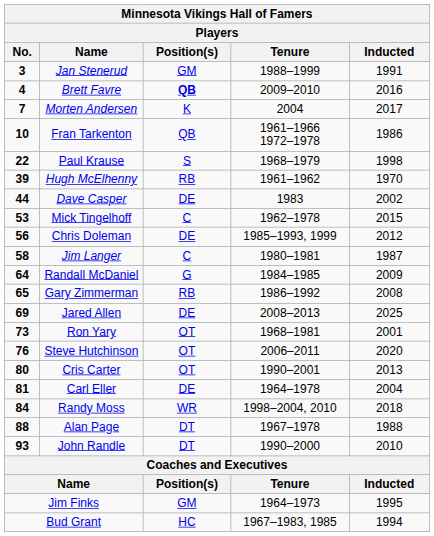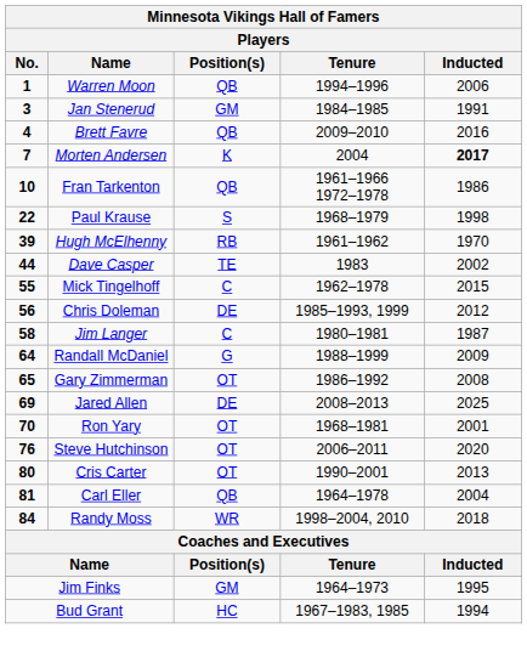 <table class="wikitable" style="text-align:center">
 <tr>
 <th colspan="5">Minnesota Vikings Hall of Famers</th>
 </tr>
 <tr>
 <th colspan="5">Players</th>
 </tr>
 <tr>
 <th style="width:40px">No.</th>
 <th style="width:130px">Name</th>
 <th style="width:110px">Position(s)</th>
 <th style="width:150px">Tenure</th>
 <th style="width:100px">Inducted</th>
 </tr>
 <tr>
+<td><strong>1</strong></td>
+<td><em><a href='#'>Warren Moon</a></em></td>
+<td><a href='#'>QB</a></td>
+<td>1994–1996</td>
+<td>2006</td>
+</tr>
+<tr>
 <td><strong>3</strong></td>
 <td><em><a href='#'>Jan Stenerud</a></em></td>
 <td><a href='#'>GM</a></td>
-<td>1988–1999</td>
+<td>1984–1985</td>
 <td>1991</td>
 </tr>
 <tr>
 <td><strong>4</strong></td>
 <td><em><a href='#'>Brett Favre</a></em></td>
-<td><strong><a href='#'>QB</a></strong></td>
+<td><a href='#'>QB</a></td>
 <td>2009–2010</td>
 <td>2016</td>
 </tr>
 <tr>
 <td><strong>7</strong></td>
 <td><em><a href='#'>Morten Andersen</a></em></td>
 <td><a href='#'>K</a></td>
 <td>2004</td>
-<td>2017</td>
+<td><strong>2017</strong></td>
 </tr>
 <tr>
 <td><strong>10</strong></td>
 <td><a href='#'>Fran Tarkenton</a></td>
 <td><a href='#'>QB</a></td>
 <td>1961–1966<br>1972–1978</td>
 <td>1986</td>
 </tr>
 <tr>
 <td><strong>22</strong></td>
 <td><a href='#'>Paul Krause</a></td>
 <td><a href='#'>S</a></td>
 <td>1968–1979</td>
 <td>1998</td>
 </tr>
 <tr>
 <td><strong>39</strong></td>
 <td><em><a href='#'>Hugh McElhenny</a></em></td>
 <td><a href='#'>RB</a></td>
 <td>1961–1962</td>
 <td>1970</td>
 </tr>
 <tr>
 <td><strong>44</strong></td>
 <td><em><a href='#'>Dave Casper</a></em></td>
-<td><a href='#'>DE</a></td>
+<td><a href='#'>TE</a></td>
 <td>1983</td>
 <td>2002</td>
 </tr>
 <tr>
-<td><strong>53</strong></td>
+<td><strong>55</strong></td>
 <td><a href='#'>Mick Tingelhoff</a></td>
 <td><a href='#'>C</a></td>
 <td>1962–1978</td>
 <td>2015</td>
 </tr>
 <tr>
 <td><strong>56</strong></td>
 <td><a href='#'>Chris Doleman</a></td>
 <td><a href='#'>DE</a></td>
 <td>1985–1993, 1999</td>
 <td>2012</td>
 </tr>
 <tr>
 <td><strong>58</strong></td>
 <td><em><a href='#'>Jim Langer</a></em></td>
 <td><a href='#'>C</a></td>
 <td>1980–1981</td>
 <td>1987</td>
 </tr>
 <tr>
 <td><strong>64</strong></td>
 <td><a href='#'>Randall McDaniel</a></td>
 <td><a href='#'>G</a></td>
-<td>1984–1985</td>
+<td>1988–1999</td>
 <td>2009</td>
 </tr>
 <tr>
 <td><strong>65</strong></td>
 <td><a href='#'>Gary Zimmerman</a></td>
-<td><a href='#'>RB</a></td>
+<td><a href='#'>OT</a></td>
 <td>1986–1992</td>
 <td>2008</td>
 </tr>
 <tr>
 <td><strong>69</strong></td>
 <td><a href='#'>Jared Allen</a></td>
 <td><a href='#'>DE</a></td>
 <td>2008–2013</td>
 <td>2025</td>
 </tr>
 <tr>
-<td><strong>73</strong></td>
+<td><strong>70</strong></td>
 <td><a href='#'>Ron Yary</a></td>
 <td><a href='#'>OT</a></td>
 <td>1968–1981</td>
 <td>2001</td>
 </tr>
 <tr>
 <td><strong>76</strong></td>
 <td><a href='#'>Steve Hutchinson</a></td>
 <td><a href='#'>OT</a></td>
 <td>2006–2011</td>
 <td>2020</td>
 </tr>
 <tr>
 <td><strong>80</strong></td>
 <td><a href='#'>Cris Carter</a></td>
 <td><a href='#'>OT</a></td>
 <td>1990–2001</td>
 <td>2013</td>
 </tr>
 <tr>
 <td><strong>81</strong></td>
 <td><a href='#'>Carl Eller</a></td>
-<td><a href='#'>DE</a></td>
+<td><a href='#'>QB</a></td>
 <td>1964–1978</td>
 <td>2004</td>
 </tr>
 <tr>
 <td><strong>84</strong></td>
 <td><a href='#'>Randy Moss</a></td>
 <td><a href='#'>WR</a></td>
 <td>1998–2004, 2010</td>
 <td>2018</td>
-</tr>
-<tr>
-<td><strong>88</strong></td>
-<td><a href='#'>Alan Page</a></td>
-<td><a href='#'>DT</a></td>
-<td>1967–1978</td>
-<td>1988</td>
-</tr>
-<tr>
-<td><strong>93</strong></td>
-<td><a href='#'>John Randle</a></td>
-<td><a href='#'>DT</a></td>
-<td>1990–2000</td>
-<td>2010</td>
 </tr>
 <tr>
 <th colspan="5">Coaches and Executives</th>
 </tr>
 <tr>
 <th style="width:130px" colspan=2>Name</th>
 <th style="width:110px">Position(s)</th>
 <th style="width:150px">Tenure</th>
 <th style="width:100px">Inducted</th>
 </tr>
 <tr>
 <td colspan="2"><a href='#'>Jim Finks</a></td>
 <td><a href='#'>GM</a></td>
 <td>1964–1973</td>
 <td>1995</td>
 </tr>
 <tr>
 <td colspan="2"><a href='#'>Bud Grant</a></td>
 <td><a href='#'>HC</a></td>
 <td>1967–1983, 1985</td>
 <td>1994</td>
 </tr>
 </table>
